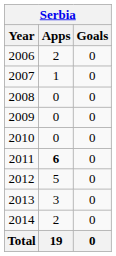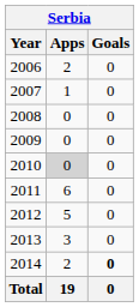 <table class="wikitable" style="text-align:center">
 <tr>
 <th colspan="3"><a href='#'>Serbia</a></th>
 </tr>
 <tr>
 <th>Year</th>
 <th>Apps</th>
 <th>Goals</th>
 </tr>
 <tr>
 <td>2006</td>
 <td>2</td>
 <td>0</td>
 </tr>
 <tr>
 <td>2007</td>
 <td>1</td>
 <td>0</td>
 </tr>
 <tr>
 <td>2008</td>
 <td>0</td>
 <td>0</td>
 </tr>
 <tr>
 <td>2009</td>
 <td>0</td>
 <td>0</td>
 </tr>
 <tr>
 <td>2010</td>
-<td>0</td>
+<td style="background: lightgrey;">0</td>
 <td>0</td>
 </tr>
 <tr>
 <td>2011</td>
-<td><strong>6</strong></td>
+<td>6</td>
 <td>0</td>
 </tr>
 <tr>
 <td>2012</td>
 <td>5</td>
 <td>0</td>
 </tr>
 <tr>
 <td>2013</td>
 <td>3</td>
 <td>0</td>
 </tr>
 <tr>
 <td>2014</td>
 <td>2</td>
-<td>0</td>
+<td><strong>0</strong></td>
 </tr>
 <tr>
 <th>Total</th>
 <th>19</th>
 <th>0</th>
 </tr>
 </table>
